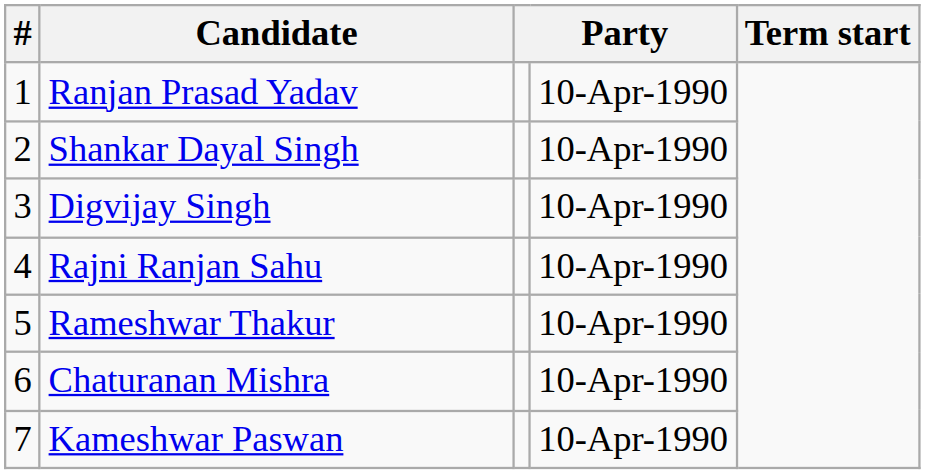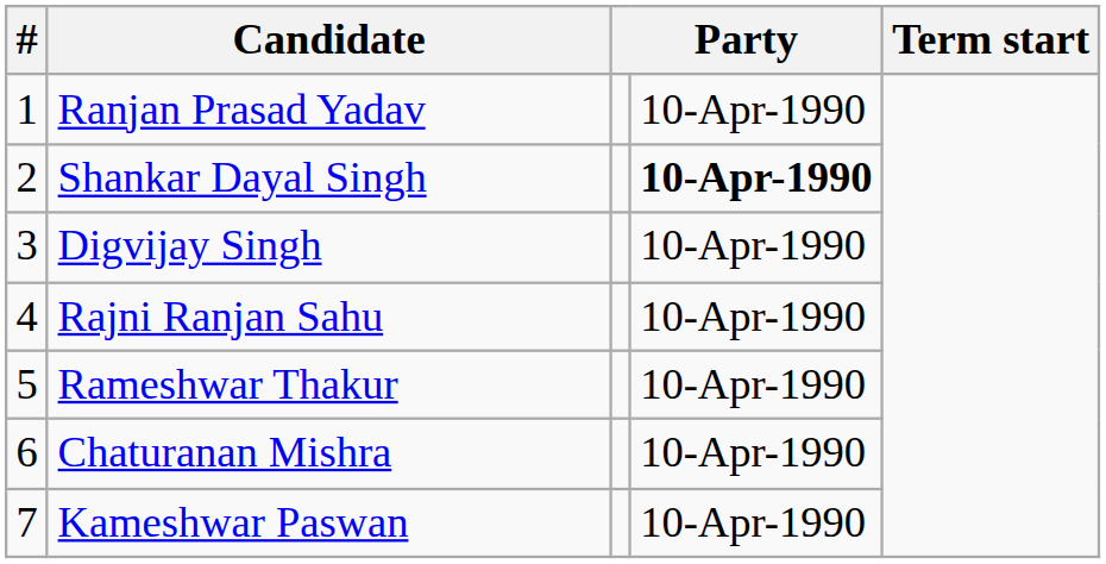 <table class="wikitable">
 <tr>
 <th>#</th>
 <th style="width:200px">Candidate</th>
 <th colspan="2">Party</th>
 <th>Term start</th>
 </tr>
 <tr>
 <td>1</td>
 <td><a href='#'>Ranjan Prasad Yadav</a></td>
 <td></td>
 <td>10-Apr-1990</td>
 </tr>
 <tr>
 <td>2</td>
 <td><a href='#'>Shankar Dayal Singh</a></td>
 <td></td>
-<td>10-Apr-1990</td>
+<td><strong>10-Apr-1990</strong></td>
 </tr>
 <tr>
 <td>3</td>
 <td><a href='#'>Digvijay Singh</a></td>
 <td></td>
 <td>10-Apr-1990</td>
 </tr>
 <tr>
 <td>4</td>
 <td><a href='#'>Rajni Ranjan Sahu</a></td>
 <td></td>
 <td>10-Apr-1990</td>
 </tr>
 <tr>
 <td>5</td>
 <td><a href='#'>Rameshwar Thakur</a></td>
 <td></td>
 <td>10-Apr-1990</td>
 </tr>
 <tr>
 <td>6</td>
 <td><a href='#'>Chaturanan Mishra</a></td>
 <td></td>
 <td>10-Apr-1990</td>
 </tr>
 <tr>
 <td>7</td>
 <td><a href='#'>Kameshwar Paswan</a></td>
 <td></td>
 <td>10-Apr-1990</td>
 </tr>
 </table>
